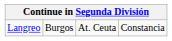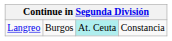 <table class="wikitable" style="text-align: center; margin: 0 auto;">
 <tr>
 <th colspan="4">Continue in <a href='#'>Segunda División</a></th>
 </tr>
 <tr>
 <td><a href='#'>Langreo</a></td>
 <td>Burgos</td>
-<td>At. Ceuta</td>
+<td style="background: paleturquoise;">At. Ceuta</td>
 <td>Constancia</td>
 </tr>
 </table>
